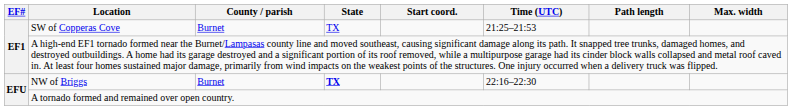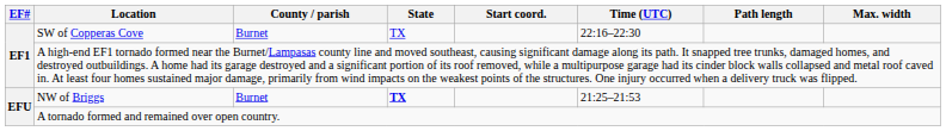 <table class="wikitable sortable" style="width:100%;">
 <tr>
 <th scope="col" width="2%" align="center"><a href='#'>EF#</a></th>
 <th scope="col" align="center" class="unsortable">Location</th>
 <th scope="col" align="center" class="unsortable">County / parish</th>
 <th scope="col" align="center">State</th>
 <th scope="col" align="center">Start coord.</th>
 <th scope="col" align="center">Time (<a href='#'>UTC</a>)</th>
 <th scope="col" align="center">Path length</th>
 <th scope="col" align="center">Max. width</th>
 </tr>
 <tr>
 <th scope="row" rowspan="2" style="background-color:#">EF1</th>
 <td>SW of <a href='#'>Copperas Cove</a></td>
 <td><a href='#'>Burnet</a></td>
 <td><a href='#'>TX</a></td>
 <td></td>
-<td>21:25–21:53</td>
+<td>22:16–22:30</td>
 <td></td>
 <td></td>
 </tr>
 <tr class="expand-child">
 <td colspan="8" border-bottom: 1px solid black;>A high-end EF1 tornado formed near the Burnet/<a href='#'>Lampasas</a> county line and moved southeast, causing significant damage along its path. It snapped tree trunks, damaged homes, and destroyed outbuildings. A home had its garage destroyed and a significant portion of its roof removed, while a multipurpose garage had its cinder block walls collapsed and metal roof caved in. At least four homes sustained major damage, primarily from wind impacts on the weakest points of the structures. One injury occurred when a delivery truck was flipped.</td>
 </tr>
 <tr>
 <th scope="row" rowspan="2" style="background-color:#">EFU</th>
 <td>NW of <a href='#'>Briggs</a></td>
 <td><a href='#'>Burnet</a></td>
 <td><strong><a href='#'>TX</a></strong></td>
 <td></td>
-<td>22:16–22:30</td>
+<td>21:25–21:53</td>
 <td></td>
 <td></td>
 </tr>
 <tr class="expand-child">
 <td colspan="8" border-bottom: 1px solid black;>A tornado formed and remained over open country.</td>
 </tr>
 </table>
